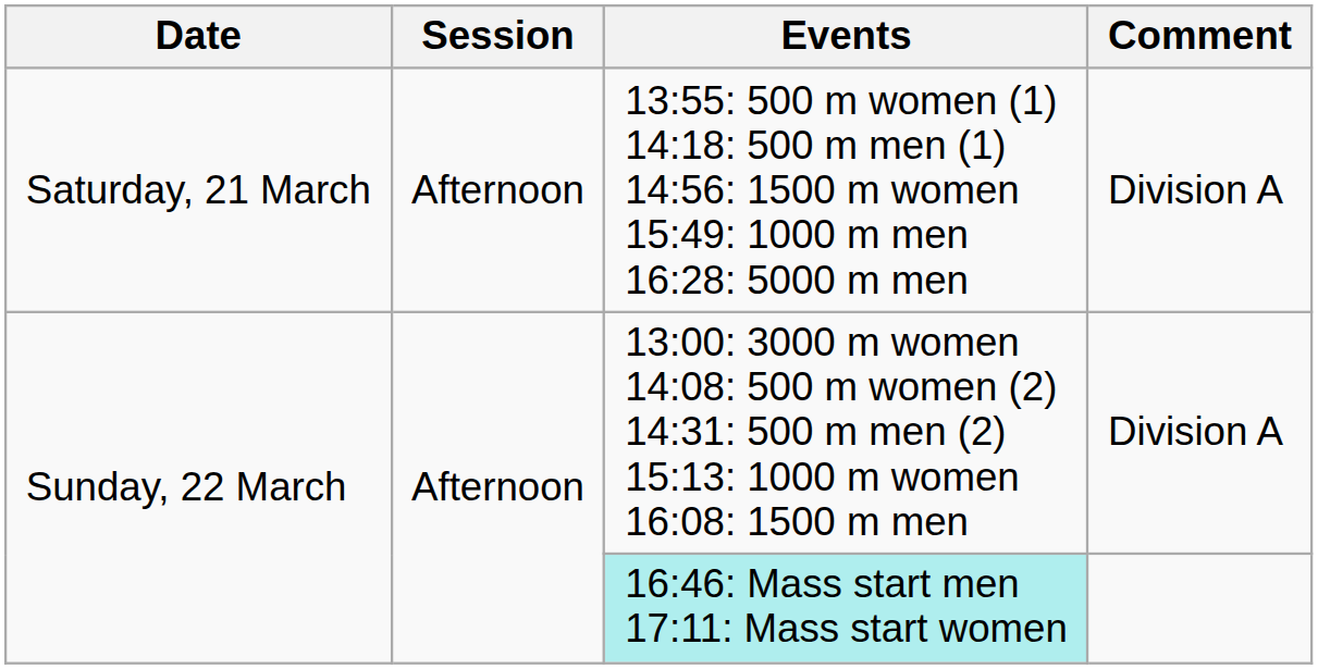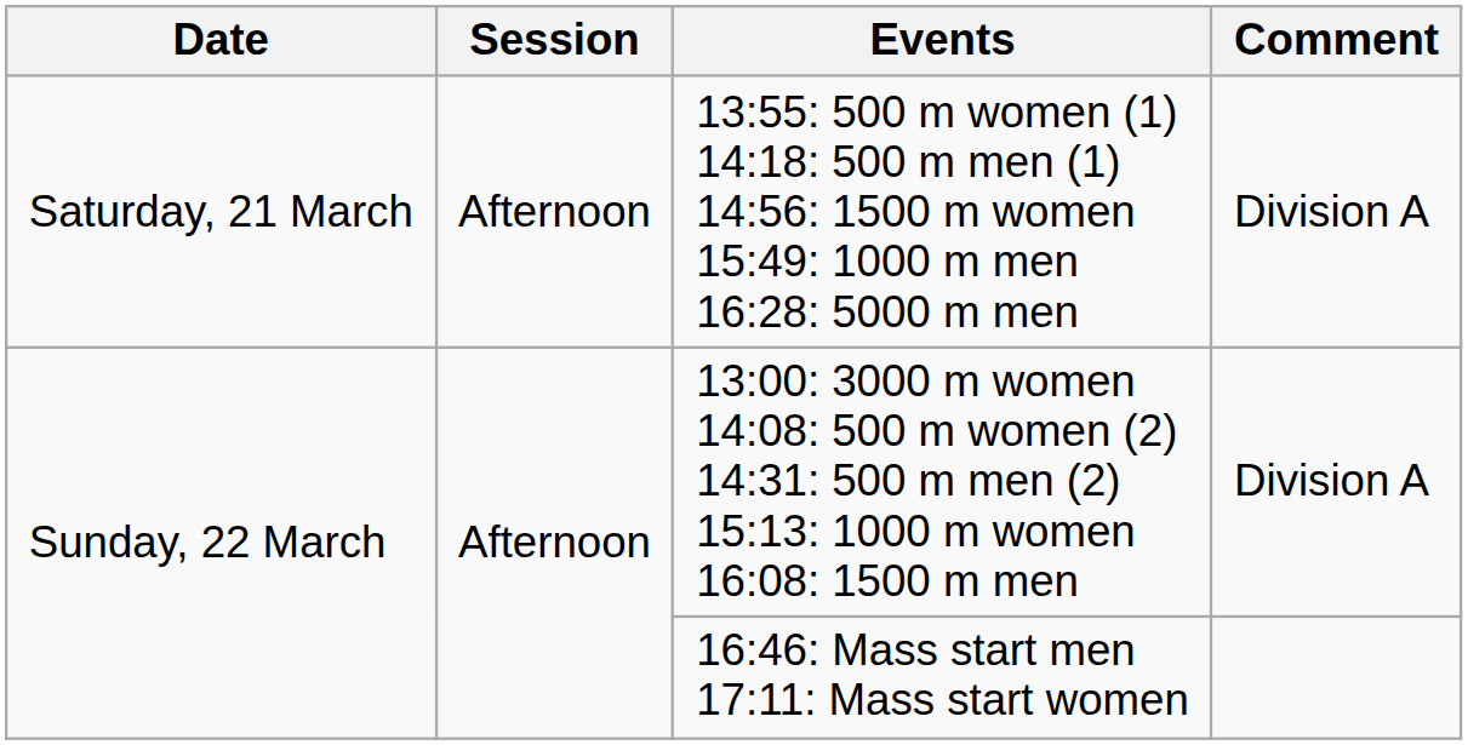 <table class="wikitable" border="1">
 <tr>
 <th> Date </th>
 <th> Session </th>
 <th> Events </th>
 <th> Comment </th>
 </tr>
 <tr>
 <td> Saturday, 21 March </td>
 <td> Afternoon </td>
 <td> 13:55: 500 m women (1) <br> 14:18: 500 m men (1) <br> 14:56: 1500 m women <br> 15:49: 1000 m men <br> 16:28: 5000 m men </td>
 <td> Division A </td>
 </tr>
 <tr>
 <td rowspan=3> Sunday, 22 March </td>
 <td rowspan=3> Afternoon </td>
 <td> 13:00: 3000 m women <br> 14:08: 500 m women (2) <br> 14:31: 500 m men (2) <br> 15:13: 1000 m women <br> 16:08: 1500 m men </td>
 <td> Division A </td>
 </tr>
 <tr>
-<td style="background: paleturquoise;"> 16:46: Mass start men <br> 17:11: Mass start women </td>
+<td> 16:46: Mass start men <br> 17:11: Mass start women </td>
 <td></td>
 </tr>
 </table>
